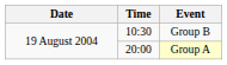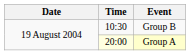 <table class = "wikitable" style="text-align:center;">
 <tr>
 <th width=150>Date</th>
 <th width=50>Time</th>
 <th width=80>Event</th>
 </tr>
 <tr>
 <td rowspan=2>19 August 2004</td>
 <td>10:30</td>
 <td>Group B</td>
 </tr>
 <tr>
-<td>20:00</td>
+<td style="background: lightyellow;">20:00</td>
 <td bgcolor=ffffcc>Group A</td>
 </tr>
 </table>
